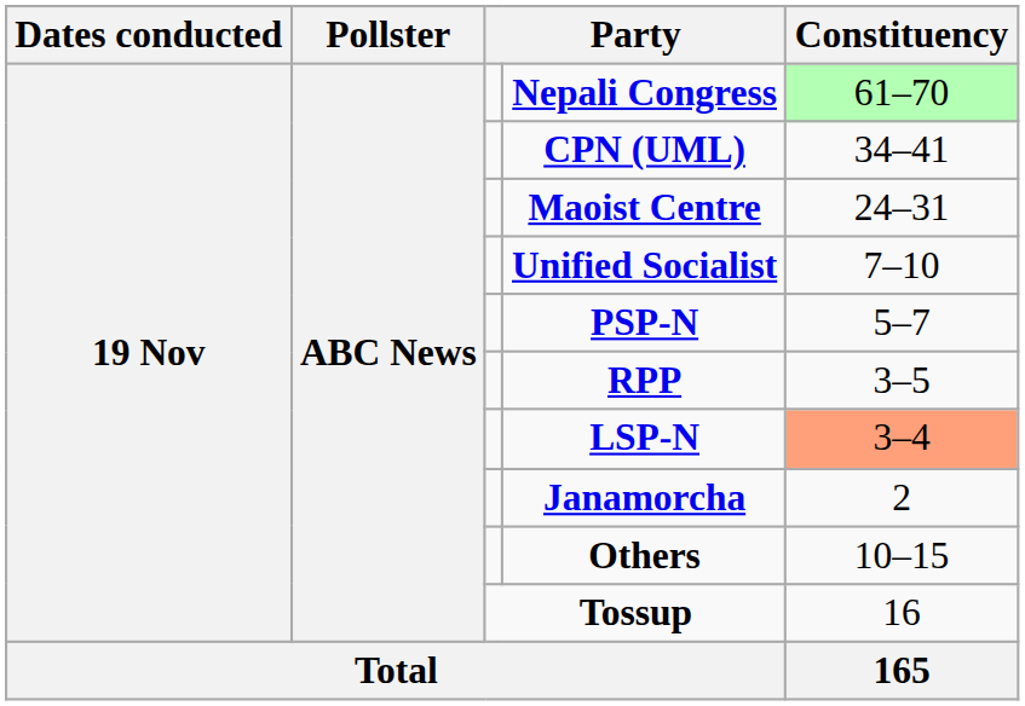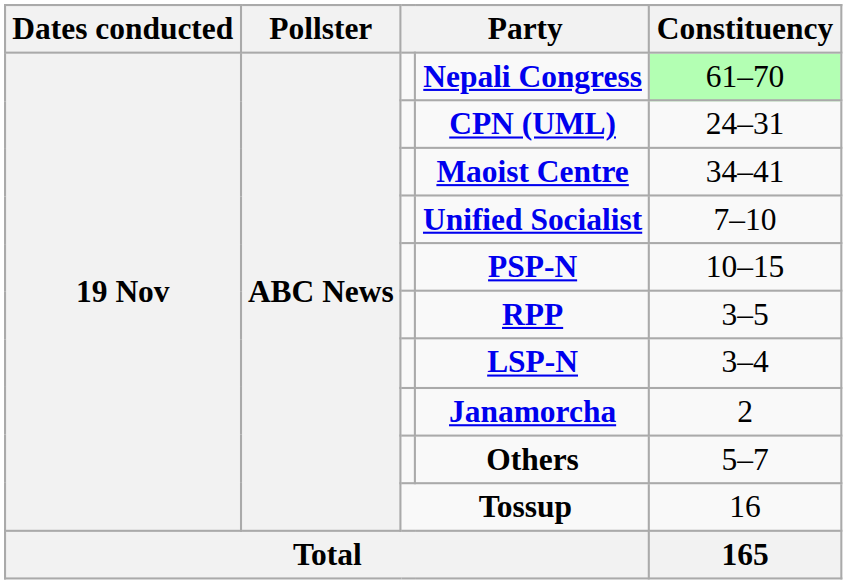 <table class="wikitable sortable" style="text-align:center;font-size:95%;line-height:16px">
 <tr>
 <th>Dates conducted</th>
 <th>Pollster</th>
 <th colspan="2">Party</th>
 <th>Constituency</th>
 </tr>
 <tr>
 <th rowspan="10">19 Nov</th>
 <th rowspan="10">ABC News</th>
 <td style="background-color:"></td>
 <td><strong><a href='#'>Nepali Congress</a></strong></td>
 <td bgcolor="#b3ffb3">61–70</td>
 </tr>
 <tr>
 <td style="background-color:"></td>
 <td><strong><a href='#'>CPN (UML)</a></strong></td>
-<td>34–41</td>
+<td>24–31</td>
 </tr>
 <tr>
 <td style="background-color:"></td>
 <td><a href='#'><strong>Maoist Centre</strong></a></td>
-<td>24–31</td>
+<td>34–41</td>
 </tr>
 <tr>
 <td style="background-color:"></td>
 <td><a href='#'><strong>Unified Socialist</strong></a></td>
 <td>7–10</td>
 </tr>
 <tr>
 <td style="background-color:"></td>
 <td><a href='#'><strong>PSP-N</strong></a></td>
-<td>5–7</td>
+<td>10–15</td>
 </tr>
 <tr>
 <td style="background-color:"></td>
 <td><a href='#'><strong>RPP</strong></a></td>
 <td>3–5</td>
 </tr>
 <tr>
 <td style="background-color:"></td>
 <td><a href='#'><strong>LSP-N</strong></a></td>
-<td style="background: lightsalmon;">3–4</td>
+<td>3–4</td>
 </tr>
 <tr>
 <td style="background-color:"></td>
 <td><a href='#'><strong>Janamorcha</strong></a></td>
 <td>2</td>
 </tr>
 <tr>
 <td style="background-color:"></td>
 <td><strong>Others</strong></td>
-<td>10–15</td>
+<td>5–7</td>
 </tr>
 <tr>
 <td colspan="2"><strong>Tossup</strong></td>
 <td>16</td>
 </tr>
 <tr>
 <th colspan="4">Total</th>
 <th>165</th>
 </tr>
 </table>
